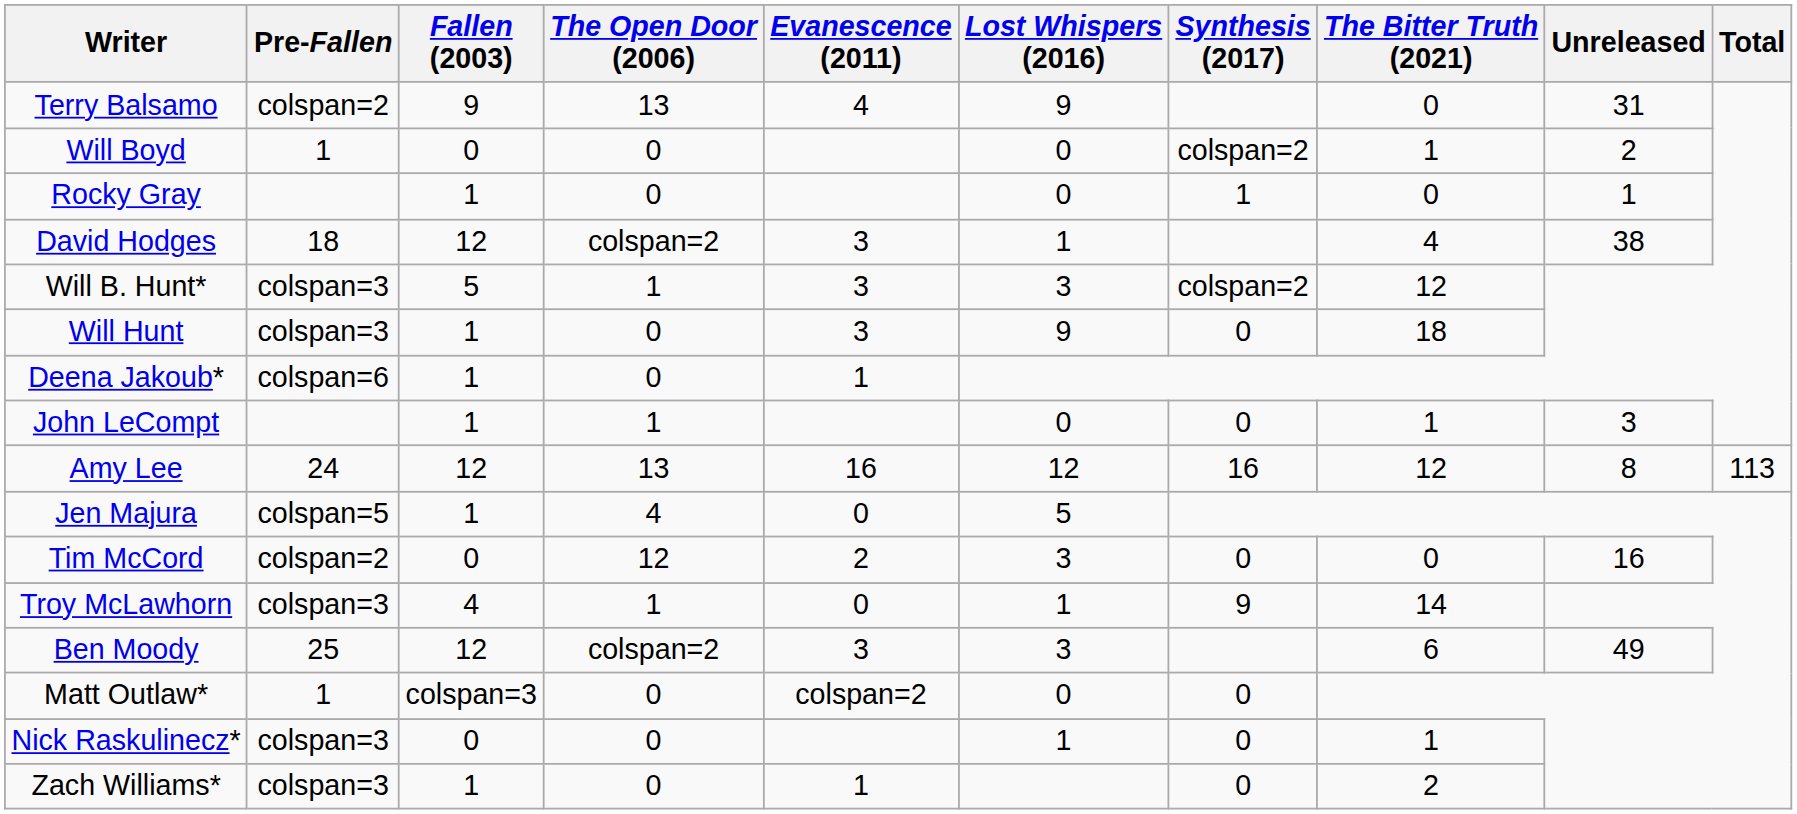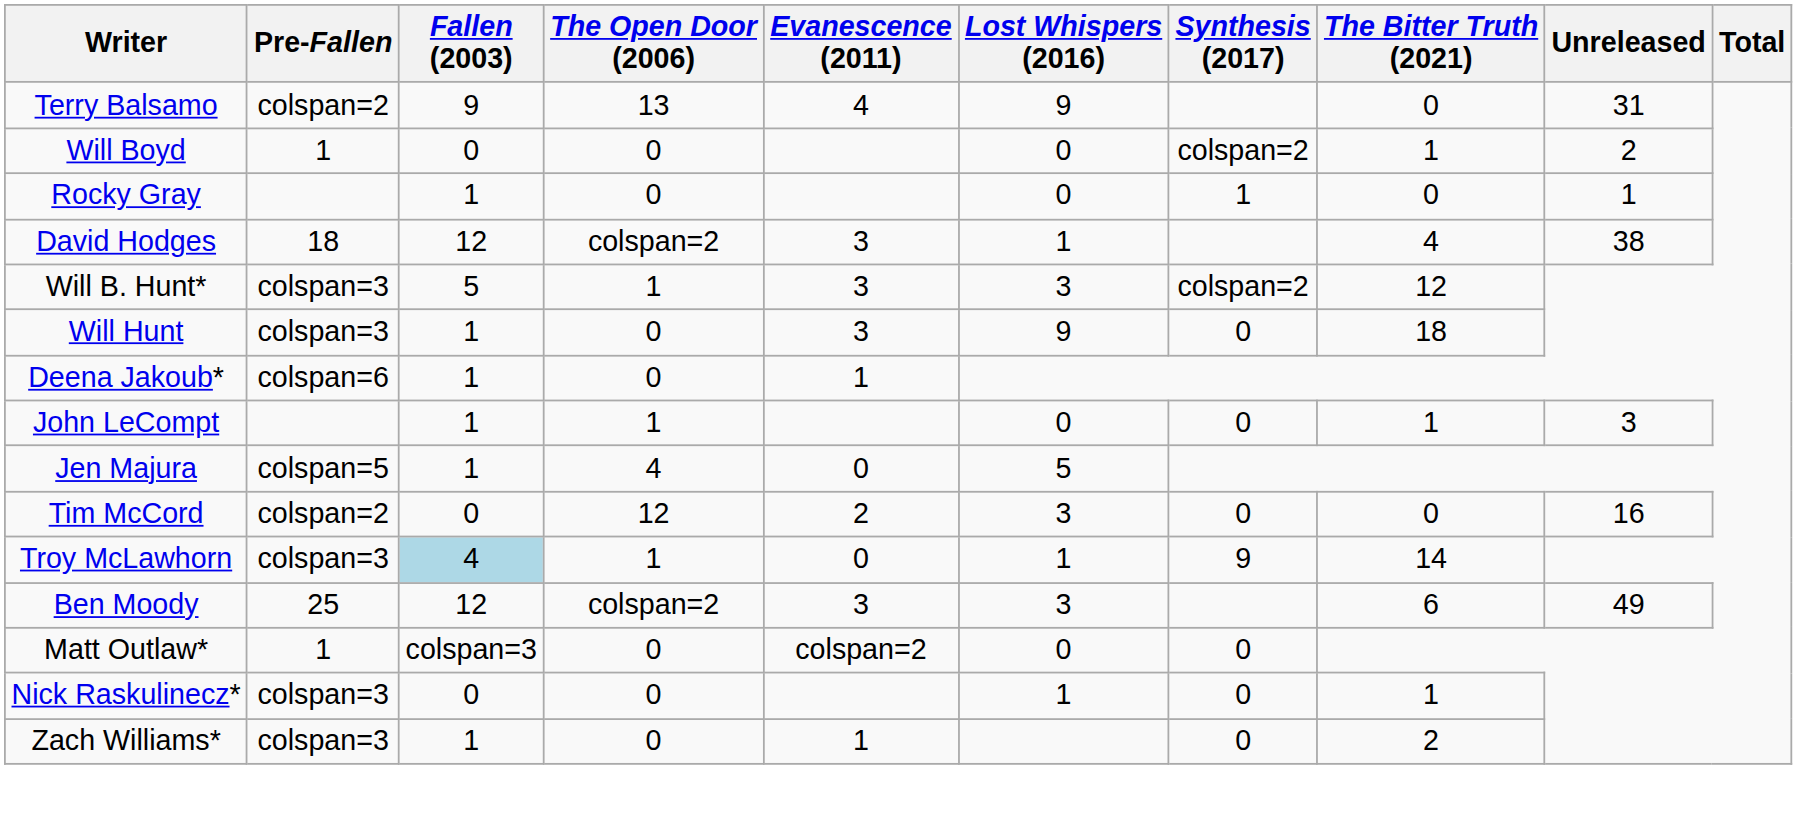 <table class="sortable wikitable" style="text-align:center;">
 <tr>
 <th scope="col" class="unsortable">Writer<br></th>
 <th scope="col">Pre-<em>Fallen</em><br></th>
 <th scope="col"><em><a href='#'>Fallen</a></em><br>(2003)</th>
 <th scope="col"><em><a href='#'>The Open Door</a></em><br>(2006)</th>
 <th scope="col"><em><a href='#'>Evanescence</a></em><br>(2011)</th>
 <th scope="col"><em><a href='#'>Lost Whispers</a></em><br>(2016)</th>
 <th scope="col"><em><a href='#'>Synthesis</a></em><br>(2017)</th>
 <th scope="col"><em><a href='#'>The Bitter Truth</a></em><br>(2021)</th>
 <th scope="col">Unreleased</th>
 <th scope="col">Total</th>
 </tr>
 <tr>
 <td><a href='#'>Terry Balsamo</a></td>
 <td>colspan=2 </td>
 <td>9</td>
 <td>13</td>
 <td>4</td>
 <td>9</td>
 <td></td>
 <td>0</td>
 <td>31</td>
 </tr>
 <tr>
 <td><a href='#'>Will Boyd</a></td>
 <td>1</td>
 <td>0</td>
 <td>0</td>
 <td></td>
 <td>0</td>
 <td>colspan=2 </td>
 <td>1</td>
 <td>2</td>
 </tr>
 <tr>
 <td><a href='#'>Rocky Gray</a></td>
 <td></td>
 <td>1</td>
 <td>0</td>
 <td></td>
 <td>0</td>
 <td>1</td>
 <td>0</td>
 <td>1</td>
 </tr>
 <tr>
 <td><a href='#'>David Hodges</a></td>
 <td>18</td>
 <td>12</td>
 <td>colspan=2 </td>
 <td>3</td>
 <td>1</td>
 <td></td>
 <td>4</td>
 <td>38</td>
 </tr>
 <tr>
 <td>Will B. Hunt*</td>
 <td>colspan=3 </td>
 <td>5</td>
 <td>1</td>
 <td>3</td>
 <td>3</td>
 <td>colspan=2 </td>
 <td>12</td>
 </tr>
 <tr>
 <td><a href='#'>Will Hunt</a></td>
 <td>colspan=3 </td>
 <td>1</td>
 <td>0</td>
 <td>3</td>
 <td>9</td>
 <td>0</td>
 <td>18</td>
 </tr>
 <tr>
 <td><a href='#'>Deena Jakoub</a>*</td>
 <td>colspan=6 </td>
 <td>1</td>
 <td>0</td>
 <td>1</td>
 </tr>
 <tr>
 <td><a href='#'>John LeCompt</a></td>
 <td></td>
 <td>1</td>
 <td>1</td>
 <td></td>
 <td>0</td>
 <td>0</td>
 <td>1</td>
 <td>3</td>
 </tr>
 <tr>
-<td><a href='#'>Amy Lee</a></td>
-<td>24</td>
-<td>12</td>
-<td>13</td>
-<td>16</td>
-<td>12</td>
-<td>16</td>
-<td>12</td>
-<td>8</td>
-<td>113</td>
-</tr>
-<tr>
 <td><a href='#'>Jen Majura</a></td>
 <td>colspan=5 </td>
 <td>1</td>
 <td>4</td>
 <td>0</td>
 <td>5</td>
 </tr>
 <tr>
 <td><a href='#'>Tim McCord</a></td>
 <td>colspan=2 </td>
 <td>0</td>
 <td>12</td>
 <td>2</td>
 <td>3</td>
 <td>0</td>
 <td>0</td>
 <td>16</td>
 </tr>
 <tr>
 <td><a href='#'>Troy McLawhorn</a></td>
 <td>colspan=3 </td>
-<td>4</td>
+<td style="background: lightblue;">4</td>
 <td>1</td>
 <td>0</td>
 <td>1</td>
 <td>9</td>
 <td>14</td>
 </tr>
 <tr>
 <td><a href='#'>Ben Moody</a></td>
 <td>25</td>
 <td>12</td>
 <td>colspan=2 </td>
 <td>3</td>
 <td>3</td>
 <td></td>
 <td>6</td>
 <td>49</td>
 </tr>
 <tr>
 <td>Matt Outlaw*</td>
 <td>1</td>
 <td>colspan=3 </td>
 <td>0</td>
 <td>colspan=2 </td>
 <td>0</td>
 <td>0</td>
 </tr>
 <tr>
 <td><a href='#'>Nick Raskulinecz</a>*</td>
 <td>colspan=3 </td>
 <td>0</td>
 <td>0</td>
 <td></td>
 <td>1</td>
 <td>0</td>
 <td>1</td>
 </tr>
 <tr>
 <td>Zach Williams*</td>
 <td>colspan=3 </td>
 <td>1</td>
 <td>0</td>
 <td>1</td>
 <td></td>
 <td>0</td>
 <td>2</td>
 </tr>
 </table>
